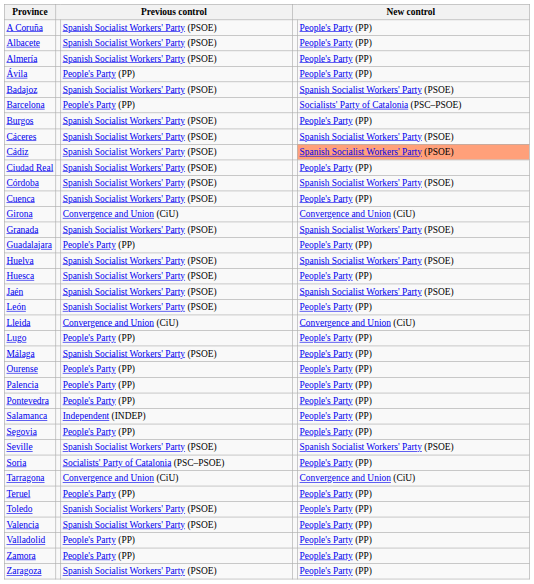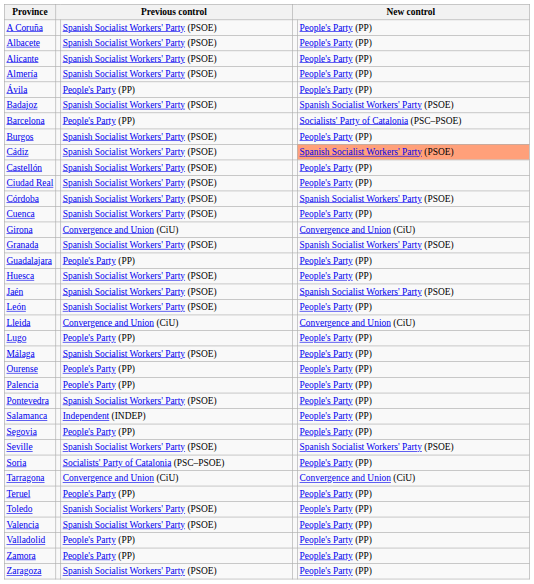 <table class="wikitable sortable" style="font-size:95%;">
 <tr>
 <th>Province</th>
 <th colspan="2" style="width:375px;">Previous control</th>
 <th colspan="2" style="width:375px;">New control</th>
 </tr>
 <tr>
 <td><a href='#'>A Coruña</a></td>
 <td width="1" style="color:inherit;background:"></td>
 <td><a href='#'>Spanish Socialist Workers' Party</a> (PSOE)</td>
 <td width="1" style="color:inherit;background:"></td>
 <td><a href='#'>People's Party</a> (PP)</td>
 </tr>
 <tr>
 <td><a href='#'>Albacete</a></td>
+<td style="color:inherit;background:"></td>
+<td><a href='#'>Spanish Socialist Workers' Party</a> (PSOE)</td>
+<td style="color:inherit;background:"></td>
+<td><a href='#'>People's Party</a> (PP)</td>
+</tr>
+<tr>
+<td><a href='#'>Alicante</a></td>
 <td style="color:inherit;background:"></td>
 <td><a href='#'>Spanish Socialist Workers' Party</a> (PSOE)</td>
 <td style="color:inherit;background:"></td>
 <td><a href='#'>People's Party</a> (PP)</td>
 </tr>
 <tr>
 <td><a href='#'>Almería</a></td>
 <td style="color:inherit;background:"></td>
 <td><a href='#'>Spanish Socialist Workers' Party</a> (PSOE)</td>
 <td style="color:inherit;background:"></td>
 <td><a href='#'>People's Party</a> (PP)</td>
 </tr>
 <tr>
 <td><a href='#'>Ávila</a></td>
 <td style="color:inherit;background:"></td>
 <td><a href='#'>People's Party</a> (PP)</td>
 <td style="color:inherit;background:"></td>
 <td><a href='#'>People's Party</a> (PP)</td>
 </tr>
 <tr>
 <td><a href='#'>Badajoz</a></td>
 <td style="color:inherit;background:"></td>
 <td><a href='#'>Spanish Socialist Workers' Party</a> (PSOE)</td>
 <td style="color:inherit;background:"></td>
 <td><a href='#'>Spanish Socialist Workers' Party</a> (PSOE)</td>
 </tr>
 <tr>
 <td><a href='#'>Barcelona</a></td>
 <td style="color:inherit;background:"></td>
 <td><a href='#'>People's Party</a> (PP)</td>
 <td style="color:inherit;background:"></td>
 <td><a href='#'>Socialists' Party of Catalonia</a> (PSC–PSOE)</td>
 </tr>
 <tr>
 <td><a href='#'>Burgos</a></td>
 <td style="color:inherit;background:"></td>
 <td><a href='#'>Spanish Socialist Workers' Party</a> (PSOE)</td>
 <td style="color:inherit;background:"></td>
 <td><a href='#'>People's Party</a> (PP)</td>
 </tr>
 <tr>
-<td><a href='#'>Cáceres</a></td>
-<td style="color:inherit;background:"></td>
-<td><a href='#'>Spanish Socialist Workers' Party</a> (PSOE)</td>
-<td style="color:inherit;background:"></td>
-<td><a href='#'>Spanish Socialist Workers' Party</a> (PSOE)</td>
-</tr>
-<tr>
 <td><a href='#'>Cádiz</a></td>
 <td style="color:inherit;background:"></td>
 <td><a href='#'>Spanish Socialist Workers' Party</a> (PSOE)</td>
 <td style="color:inherit;background:"></td>
 <td style="background: lightsalmon;"><a href='#'>Spanish Socialist Workers' Party</a> (PSOE)</td>
+</tr>
+<tr>
+<td><a href='#'>Castellón</a></td>
+<td style="color:inherit;background:"></td>
+<td><a href='#'>Spanish Socialist Workers' Party</a> (PSOE)</td>
+<td style="color:inherit;background:"></td>
+<td><a href='#'>People's Party</a> (PP)</td>
 </tr>
 <tr>
 <td><a href='#'>Ciudad Real</a></td>
 <td style="color:inherit;background:"></td>
 <td><a href='#'>Spanish Socialist Workers' Party</a> (PSOE)</td>
 <td style="color:inherit;background:"></td>
 <td><a href='#'>People's Party</a> (PP)</td>
 </tr>
 <tr>
 <td><a href='#'>Córdoba</a></td>
 <td style="color:inherit;background:"></td>
 <td><a href='#'>Spanish Socialist Workers' Party</a> (PSOE)</td>
 <td style="color:inherit;background:"></td>
 <td><a href='#'>Spanish Socialist Workers' Party</a> (PSOE)</td>
 </tr>
 <tr>
 <td><a href='#'>Cuenca</a></td>
 <td style="color:inherit;background:"></td>
 <td><a href='#'>Spanish Socialist Workers' Party</a> (PSOE)</td>
 <td style="color:inherit;background:"></td>
 <td><a href='#'>People's Party</a> (PP)</td>
 </tr>
 <tr>
 <td><a href='#'>Girona</a></td>
 <td style="color:inherit;background:"></td>
 <td><a href='#'>Convergence and Union</a> (CiU)</td>
 <td style="color:inherit;background:"></td>
 <td><a href='#'>Convergence and Union</a> (CiU)</td>
 </tr>
 <tr>
 <td><a href='#'>Granada</a></td>
 <td style="color:inherit;background:"></td>
 <td><a href='#'>Spanish Socialist Workers' Party</a> (PSOE)</td>
 <td style="color:inherit;background:"></td>
 <td><a href='#'>Spanish Socialist Workers' Party</a> (PSOE)</td>
 </tr>
 <tr>
 <td><a href='#'>Guadalajara</a></td>
 <td style="color:inherit;background:"></td>
 <td><a href='#'>People's Party</a> (PP)</td>
 <td style="color:inherit;background:"></td>
 <td><a href='#'>People's Party</a> (PP)</td>
-</tr>
-<tr>
-<td><a href='#'>Huelva</a></td>
-<td style="color:inherit;background:"></td>
-<td><a href='#'>Spanish Socialist Workers' Party</a> (PSOE)</td>
-<td style="color:inherit;background:"></td>
-<td><a href='#'>Spanish Socialist Workers' Party</a> (PSOE)</td>
 </tr>
 <tr>
 <td><a href='#'>Huesca</a></td>
 <td style="color:inherit;background:"></td>
 <td><a href='#'>Spanish Socialist Workers' Party</a> (PSOE)</td>
 <td style="color:inherit;background:"></td>
 <td><a href='#'>People's Party</a> (PP)</td>
 </tr>
 <tr>
 <td><a href='#'>Jaén</a></td>
 <td style="color:inherit;background:"></td>
 <td><a href='#'>Spanish Socialist Workers' Party</a> (PSOE)</td>
 <td style="color:inherit;background:"></td>
 <td><a href='#'>Spanish Socialist Workers' Party</a> (PSOE)</td>
 </tr>
 <tr>
 <td><a href='#'>León</a></td>
 <td style="color:inherit;background:"></td>
 <td><a href='#'>Spanish Socialist Workers' Party</a> (PSOE)</td>
 <td style="color:inherit;background:"></td>
 <td><a href='#'>People's Party</a> (PP)</td>
 </tr>
 <tr>
 <td><a href='#'>Lleida</a></td>
 <td style="color:inherit;background:"></td>
 <td><a href='#'>Convergence and Union</a> (CiU)</td>
 <td style="color:inherit;background:"></td>
 <td><a href='#'>Convergence and Union</a> (CiU)</td>
 </tr>
 <tr>
 <td><a href='#'>Lugo</a></td>
 <td style="color:inherit;background:"></td>
 <td><a href='#'>People's Party</a> (PP)</td>
 <td style="color:inherit;background:"></td>
 <td><a href='#'>People's Party</a> (PP)</td>
 </tr>
 <tr>
 <td><a href='#'>Málaga</a></td>
 <td style="color:inherit;background:"></td>
 <td><a href='#'>Spanish Socialist Workers' Party</a> (PSOE)</td>
 <td style="color:inherit;background:"></td>
 <td><a href='#'>People's Party</a> (PP)</td>
 </tr>
 <tr>
 <td><a href='#'>Ourense</a></td>
 <td style="color:inherit;background:"></td>
 <td><a href='#'>People's Party</a> (PP)</td>
 <td style="color:inherit;background:"></td>
 <td><a href='#'>People's Party</a> (PP)</td>
 </tr>
 <tr>
 <td><a href='#'>Palencia</a></td>
 <td style="color:inherit;background:"></td>
 <td><a href='#'>People's Party</a> (PP)</td>
 <td style="color:inherit;background:"></td>
 <td><a href='#'>People's Party</a> (PP)</td>
 </tr>
 <tr>
 <td><a href='#'>Pontevedra</a></td>
 <td style="color:inherit;background:"></td>
-<td><a href='#'>People's Party</a> (PP)</td>
+<td><a href='#'>Spanish Socialist Workers' Party</a> (PSOE)</td>
 <td style="color:inherit;background:"></td>
 <td><a href='#'>People's Party</a> (PP)</td>
 </tr>
 <tr>
 <td><a href='#'>Salamanca</a></td>
 <td style="color:inherit;background:"></td>
 <td><a href='#'>Independent</a> (INDEP)</td>
 <td style="color:inherit;background:"></td>
 <td><a href='#'>People's Party</a> (PP)</td>
 </tr>
 <tr>
 <td><a href='#'>Segovia</a></td>
 <td style="color:inherit;background:"></td>
 <td><a href='#'>People's Party</a> (PP)</td>
 <td style="color:inherit;background:"></td>
 <td><a href='#'>People's Party</a> (PP)</td>
 </tr>
 <tr>
 <td><a href='#'>Seville</a></td>
 <td style="color:inherit;background:"></td>
 <td><a href='#'>Spanish Socialist Workers' Party</a> (PSOE)</td>
 <td style="color:inherit;background:"></td>
 <td><a href='#'>Spanish Socialist Workers' Party</a> (PSOE)</td>
 </tr>
 <tr>
 <td><a href='#'>Soria</a></td>
 <td style="color:inherit;background:"></td>
 <td><a href='#'>Socialists' Party of Catalonia</a> (PSC–PSOE)</td>
 <td style="color:inherit;background:"></td>
 <td><a href='#'>People's Party</a> (PP)</td>
 </tr>
 <tr>
 <td><a href='#'>Tarragona</a></td>
 <td style="color:inherit;background:"></td>
 <td><a href='#'>Convergence and Union</a> (CiU)</td>
 <td style="color:inherit;background:"></td>
 <td><a href='#'>Convergence and Union</a> (CiU)</td>
 </tr>
 <tr>
 <td><a href='#'>Teruel</a></td>
 <td style="color:inherit;background:"></td>
 <td><a href='#'>People's Party</a> (PP)</td>
 <td style="color:inherit;background:"></td>
 <td><a href='#'>People's Party</a> (PP)</td>
 </tr>
 <tr>
 <td><a href='#'>Toledo</a></td>
 <td style="color:inherit;background:"></td>
 <td><a href='#'>Spanish Socialist Workers' Party</a> (PSOE)</td>
 <td style="color:inherit;background:"></td>
 <td><a href='#'>People's Party</a> (PP)</td>
 </tr>
 <tr>
 <td><a href='#'>Valencia</a></td>
 <td style="color:inherit;background:"></td>
 <td><a href='#'>Spanish Socialist Workers' Party</a> (PSOE)</td>
 <td style="color:inherit;background:"></td>
 <td><a href='#'>People's Party</a> (PP)</td>
 </tr>
 <tr>
 <td><a href='#'>Valladolid</a></td>
 <td style="color:inherit;background:"></td>
 <td><a href='#'>People's Party</a> (PP)</td>
 <td style="color:inherit;background:"></td>
 <td><a href='#'>People's Party</a> (PP)</td>
 </tr>
 <tr>
 <td><a href='#'>Zamora</a></td>
 <td style="color:inherit;background:"></td>
 <td><a href='#'>People's Party</a> (PP)</td>
 <td style="color:inherit;background:"></td>
 <td><a href='#'>People's Party</a> (PP)</td>
 </tr>
 <tr>
 <td><a href='#'>Zaragoza</a></td>
 <td style="color:inherit;background:"></td>
 <td><a href='#'>Spanish Socialist Workers' Party</a> (PSOE)</td>
 <td style="color:inherit;background:"></td>
 <td><a href='#'>People's Party</a> (PP)</td>
 </tr>
 </table>
